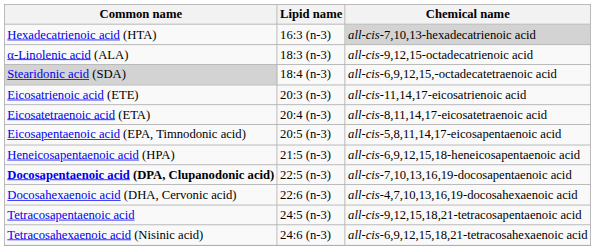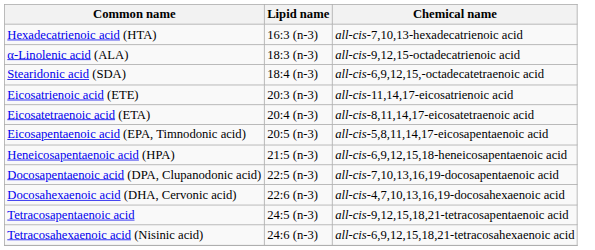 <table class="wikitable">
 <tr>
 <th>Common name</th>
 <th>Lipid name</th>
 <th>Chemical name</th>
 </tr>
 <tr>
 <td><a href='#'>Hexadecatrienoic acid</a> (HTA)</td>
 <td>16:3 (n-3)</td>
-<td style="background: lightgrey;"><em>all-cis</em>-7,10,13-hexadecatrienoic acid</td>
+<td><em>all-cis</em>-7,10,13-hexadecatrienoic acid</td>
 </tr>
 <tr>
 <td><a href='#'>α-Linolenic acid</a> (ALA)</td>
 <td>18:3 (n-3)</td>
 <td><em>all-cis</em>-9,12,15-octadecatrienoic acid</td>
 </tr>
 <tr>
-<td style="background: lightgrey;"><a href='#'>Stearidonic acid</a> (SDA)</td>
+<td><a href='#'>Stearidonic acid</a> (SDA)</td>
 <td>18:4 (n-3)</td>
 <td><em>all-cis</em>-6,9,12,15,-octadecatetraenoic acid</td>
 </tr>
 <tr>
 <td><a href='#'>Eicosatrienoic acid</a> (ETE)</td>
 <td>20:3 (n-3)</td>
 <td><em>all-cis</em>-11,14,17-eicosatrienoic acid</td>
 </tr>
 <tr>
 <td><a href='#'>Eicosatetraenoic acid</a> (ETA)</td>
 <td>20:4 (n-3)</td>
 <td><em>all-cis</em>-8,11,14,17-eicosatetraenoic acid</td>
 </tr>
 <tr>
 <td><a href='#'>Eicosapentaenoic acid</a> (EPA, Timnodonic acid)</td>
 <td>20:5 (n-3)</td>
 <td><em>all-cis</em>-5,8,11,14,17-eicosapentaenoic acid</td>
 </tr>
 <tr>
 <td><a href='#'>Heneicosapentaenoic acid</a> (HPA)</td>
 <td>21:5 (n-3)</td>
 <td><em>all-cis</em>-6,9,12,15,18-heneicosapentaenoic acid</td>
 </tr>
 <tr>
-<td><strong><a href='#'>Docosapentaenoic acid</a> (DPA, Clupanodonic acid)</strong></td>
+<td><a href='#'>Docosapentaenoic acid</a> (DPA, Clupanodonic acid)</td>
 <td>22:5 (n-3)</td>
 <td><em>all-cis</em>-7,10,13,16,19-docosapentaenoic acid</td>
 </tr>
 <tr>
 <td><a href='#'>Docosahexaenoic acid</a> (DHA, Cervonic acid)</td>
 <td>22:6 (n-3)</td>
 <td><em>all-cis</em>-4,7,10,13,16,19-docosahexaenoic acid</td>
 </tr>
 <tr>
 <td><a href='#'>Tetracosapentaenoic acid</a></td>
 <td>24:5 (n-3)</td>
 <td><em>all-cis</em>-9,12,15,18,21-tetracosapentaenoic acid</td>
 </tr>
 <tr>
 <td><a href='#'>Tetracosahexaenoic acid</a> (Nisinic acid)</td>
 <td>24:6 (n-3)</td>
 <td><em>all-cis</em>-6,9,12,15,18,21-tetracosahexaenoic acid</td>
 </tr>
 <tr>
 </tr>
 </table>
